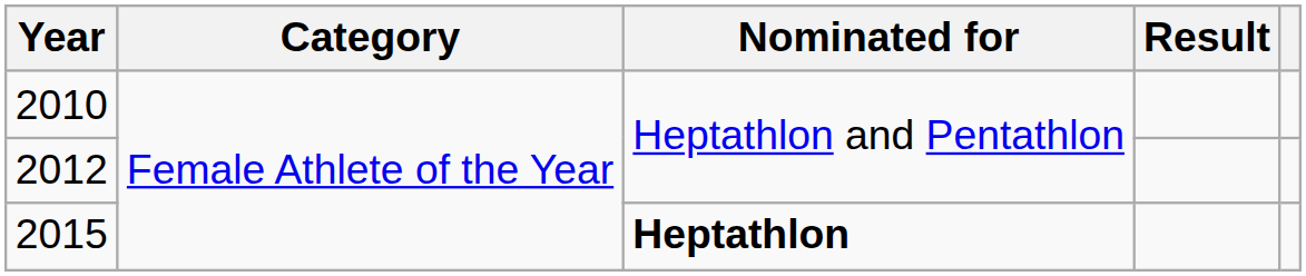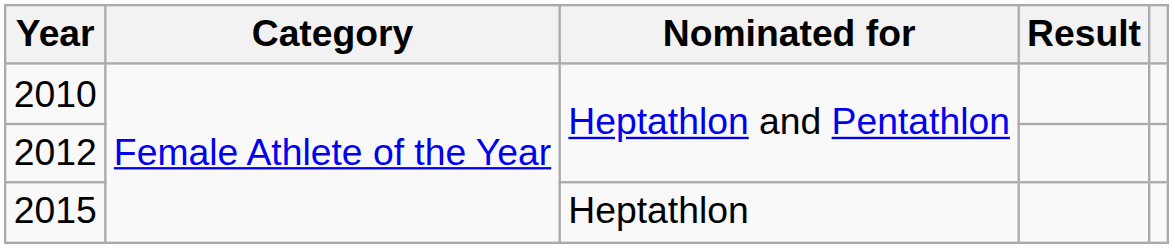 <table class="wikitable plainrowheaders">
 <tr>
 <th scope="col">Year</th>
 <th scope="col">Category</th>
 <th scope="col">Nominated for</th>
 <th scope="col">Result</th>
 <th scope="col"></th>
 </tr>
 <tr>
 <td align = "center">2010</td>
 <td rowspan = "3"><a href='#'>Female Athlete of the Year</a></td>
 <td rowspan = "2"><a href='#'>Heptathlon</a> and <a href='#'>Pentathlon</a></td>
 <td></td>
 <td></td>
 </tr>
 <tr>
 <td align = "center">2012</td>
 <td></td>
 <td></td>
 </tr>
 <tr>
 <td align = "center">2015</td>
-<td><strong>Heptathlon</strong></td>
+<td>Heptathlon</td>
 <td></td>
 <td></td>
 </tr>
 </table>
